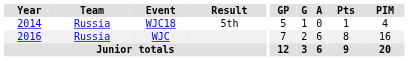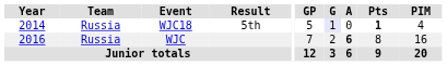 <table border="0" cellpadding="1" cellspacing="0" ID="Table3" style="text-align:center; width:40em">
 <tr bgcolor="#e0e0e0">
 <th>Year</th>
 <th>Team</th>
 <th>Event</th>
 <th>Result</th>
 <th rowspan="99" bgcolor="#ffffff"></th>
 <th>GP</th>
 <th>G</th>
 <th>A</th>
 <th>Pts</th>
 <th>PIM</th>
 </tr>
 <tr>
 <td><a href='#'>2014</a></td>
 <td><a href='#'>Russia</a></td>
 <td><a href='#'>WJC18</a></td>
 <td>5th</td>
 <td>5</td>
-<td>1</td>
+<td style="background: lavender;">1</td>
 <td>0</td>
-<td>1</td>
+<td><strong>1</strong></td>
 <td>4</td>
 </tr>
 <tr bgcolor="#f0f0f0">
 <td><a href='#'>2016</a></td>
 <td><a href='#'>Russia</a></td>
 <td><a href='#'>WJC</a></td>
 <td></td>
 <td>7</td>
 <td>2</td>
-<td>6</td>
+<td><strong>6</strong></td>
 <td>8</td>
 <td>16</td>
 </tr>
 <tr bgcolor="#e0e0e0">
 <th colspan="4">Junior totals</th>
 <th>12</th>
 <th>3</th>
 <th>6</th>
 <th>9</th>
 <th>20</th>
 </tr>
 </table>
